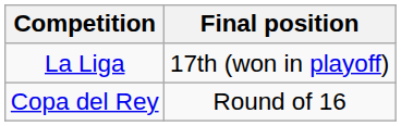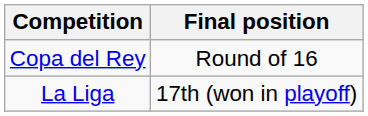 <table class="wikitable" style="font-size:100%; text-align:center">
 <tr>
 <th>Competition</th>
 <th>Final position</th>
 </tr>
 <tr style="background:">
+<td><a href='#'>Copa del Rey</a></td>
+<td>Round of 16</td>
+</tr>
+<tr style="background:">
 <td><a href='#'>La Liga</a></td>
 <td>17th (won in <a href='#'>playoff</a>)</td>
 </tr>
-<tr style="background:">
-<td><a href='#'>Copa del Rey</a></td>
-<td>Round of 16</td>
-</tr>
 </table>
